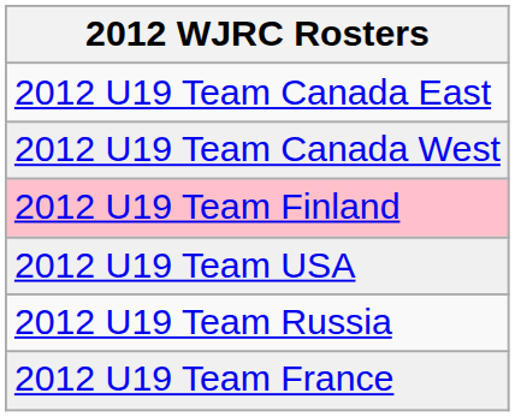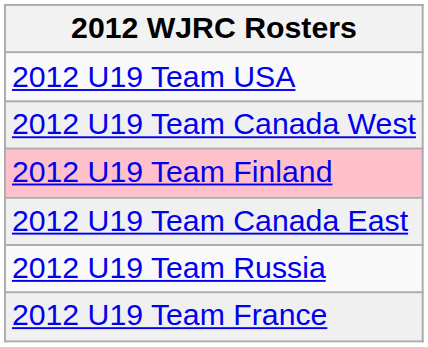 <table class=wikitable style="text-align:left;">
 <tr>
 <th>2012 WJRC Rosters</th>
 </tr>
 <tr>
-<td> <a href='#'>2012 U19 Team Canada East</a></td>
+<td> <a href='#'>2012 U19 Team USA</a></td>
 </tr>
 <tr bgcolor="#f0f0f0">
 <td> <a href='#'>2012 U19 Team Canada West</a></td>
 </tr>
 <tr>
 <td style="background: pink;"> <a href='#'>2012 U19 Team Finland</a></td>
 </tr>
 <tr bgcolor="#f0f0f0">
-<td> <a href='#'>2012 U19 Team USA</a></td>
+<td> <a href='#'>2012 U19 Team Canada East</a></td>
 </tr>
 <tr>
 <td> <a href='#'>2012 U19 Team Russia</a></td>
 </tr>
 <tr bgcolor="#f0f0f0">
 <td> <a href='#'>2012 U19 Team France</a></td>
 </tr>
 </table>
